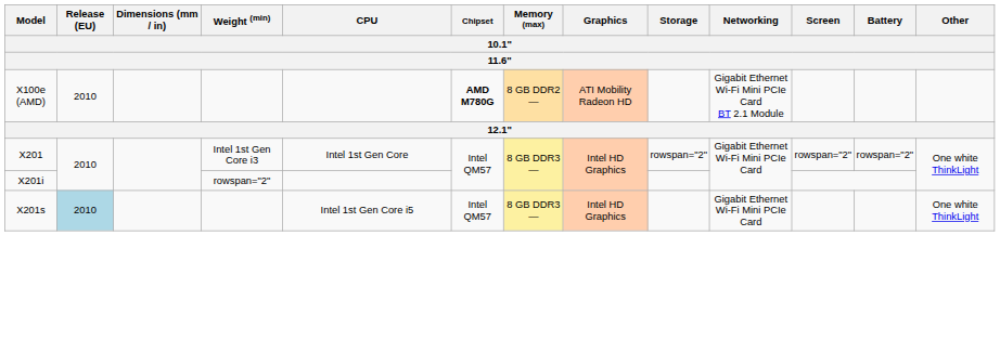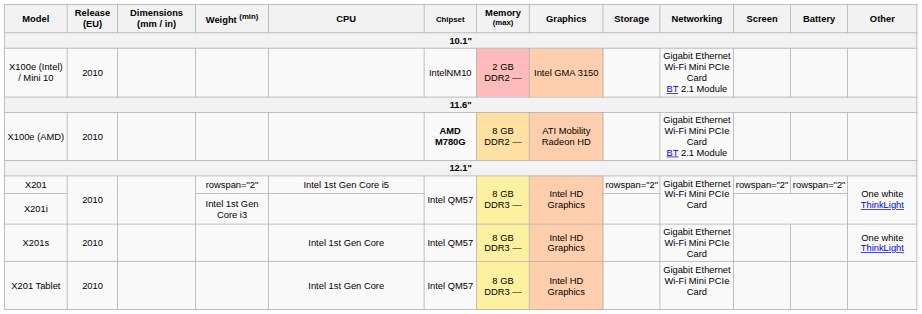 <table class="wikitable" style="font-size: 80%; text-align: center; min-width: 80%;">
 <tr>
 <th>Model</th>
 <th>Release (EU)</th>
 <th>Dimensions (mm / in)</th>
 <th>Weight <sup>(min)</sup></th>
 <th style="width:17%">CPU</th>
 <th><small>Chipset</small></th>
 <th>Memory <sup>(max)</sup></th>
 <th>Graphics</th>
 <th>Storage</th>
 <th>Networking</th>
 <th>Screen</th>
 <th>Battery</th>
 <th>Other</th>
 </tr>
 <tr>
 <th colspan=13>10.1"</th>
+</tr>
+<tr>
+<td>X100e (Intel) / Mini 10</td>
+<td>2010</td>
+<td></td>
+<td></td>
+<td></td>
+<td>IntelNM10</td>
+<td style="background:#ffbbbb;">2 GB DDR2 — <br></td>
+<td style="background:#ffcead;">Intel GMA 3150</td>
+<td></td>
+<td>Gigabit Ethernet<br>Wi-Fi Mini PCIe Card<br><a href='#'>BT</a> 2.1 Module</td>
+<td></td>
+<td></td>
+<td></td>
 </tr>
 <tr>
 <th colspan=13>11.6"</th>
 </tr>
 <tr>
 <td>X100e (AMD) </td>
 <td>2010</td>
 <td></td>
 <td></td>
 <td></td>
 <td><strong>AMD M780G</strong></td>
 <td style="background:#fee0a3;">8 GB DDR2 — <br></td>
 <td style="background:#ffcead;">ATI Mobility Radeon HD</td>
 <td></td>
 <td>Gigabit Ethernet<br>Wi-Fi Mini PCIe Card<br><a href='#'>BT</a> 2.1 Module<br><small></small></td>
 <td></td>
 <td></td>
 <td></td>
 </tr>
 <tr>
 <th colspan=13>12.1"</th>
 </tr>
 <tr>
 <td>X201 </td>
 <td rowspan="2">2010</td>
 <td rowspan="2"></td>
-<td style="background:">Intel 1st Gen Core i3</td>
-<td style="background:">Intel 1st Gen Core</td>
+<td>rowspan="2" </td>
+<td style="background:">Intel 1st Gen Core i5</td>
 <td rowspan="2">Intel QM57</td>
 <td rowspan="2" style="background:#fdf1a1;">8 GB DDR3 — <br></td>
 <td rowspan="2" style="background:#ffcead;">Intel HD Graphics</td>
 <td>rowspan="2" </td>
 <td rowspan="2">Gigabit Ethernet<br>Wi-Fi Mini PCIe Card<br><small><br></small></td>
 <td>rowspan="2" </td>
 <td>rowspan="2" </td>
 <td rowspan="2">One white <a href='#'>ThinkLight</a></td>
 </tr>
 <tr>
 <td>X201i </td>
-<td>rowspan="2" </td>
+<td style="background:">Intel 1st Gen Core i3</td>
 </tr>
 <tr>
 <td>X201s </td>
-<td style="background: lightblue;">2010</td>
+<td>2010</td>
 <td></td>
 <td></td>
-<td style="background:">Intel 1st Gen Core i5</td>
+<td style="background:">Intel 1st Gen Core</td>
 <td>Intel QM57</td>
 <td style="background:#fdf1a1;">8 GB DDR3 — <br></td>
 <td style="background:#ffcead;">Intel HD Graphics</td>
 <td></td>
 <td>Gigabit Ethernet<br>Wi-Fi Mini PCIe Card<br><small></small></td>
 <td></td>
 <td></td>
 <td>One white <a href='#'>ThinkLight</a></td>
 </tr>
+<tr>
+<td>X201 Tablet </td>
+<td>2010</td>
+<td></td>
+<td></td>
+<td style="background:">Intel 1st Gen Core</td>
+<td>Intel QM57</td>
+<td style="background:#fdf1a1;">8 GB DDR3 — <br></td>
+<td style="background:#ffcead;">Intel HD Graphics</td>
+<td></td>
+<td>Gigabit Ethernet<br>Wi-Fi Mini PCIe Card<br><small><br></small></td>
+<td></td>
+<td></td>
+<td></td>
+</tr>
 </table>
